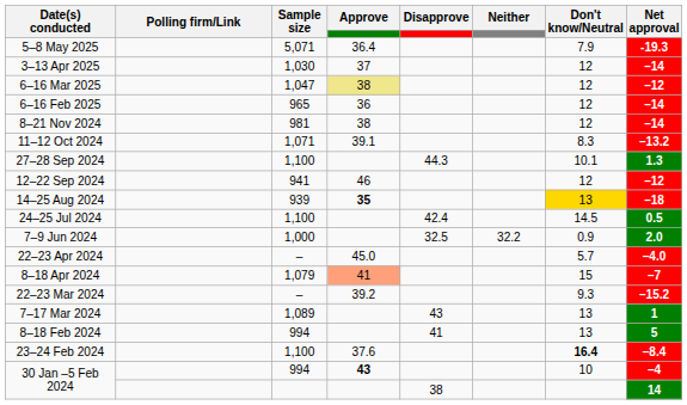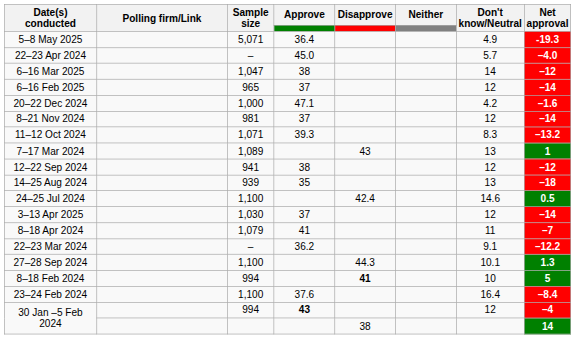 <table class="wikitable sortable collapsible" style="text-align:center; font-size:90%; line-height:16px">
 <tr>
 <th style="width:125px;" rowspan="2">Date(s)<br>conducted</th>
 <th rowspan="2" style="width:180px;">Polling firm/Link</th>
 <th style="width:60px;" rowspan="2">Sample size</th>
 <th class="unsortable" style="width:80px;">Approve</th>
 <th class="unsortable" style="width:80px;">Disapprove</th>
 <th class="unsortable" style="width:80px;">Neither</th>
 <th class="unsortable" style="width:80px;" rowspan="2">Don't know/Neutral</th>
 <th class="unsortable" style="width:20px;" rowspan="2">Net approval</th>
 </tr>
 <tr>
 <th class="unsortable" style="background:green;width:60px;"></th>
 <th class="unsortable" style="background:red;width:60px;"></th>
 <th class="unsortable" style="background:grey;width:60px;"></th>
 </tr>
 <tr>
 <td data-sort-value="2025-05-08">5–8 May 2025</td>
 <td></td>
 <td>5,071</td>
 <td>36.4</td>
 <td></td>
 <td></td>
-<td>7.9</td>
+<td>4.9</td>
 <td style="background:red;color:white;"><strong>-19.3</strong></td>
+</tr>
+<tr>
+<td data-sort-value="2024-04-23">22–23 Apr 2024</td>
+<td></td>
+<td>–</td>
+<td>45.0</td>
+<td></td>
+<td></td>
+<td>5.7</td>
+<td style="background:red;color:white;"><strong>–4.0</strong></td>
+</tr>
+<tr>
+<td data-sort-value="2025-03-16">6–16 Mar 2025</td>
+<td></td>
+<td>1,047</td>
+<td>38</td>
+<td></td>
+<td></td>
+<td>14</td>
+<td style="background:red;color:white;"><strong>–12</strong></td>
+</tr>
+<tr>
+<td data-sort-value="2025-02-16">6–16 Feb 2025</td>
+<td></td>
+<td>965</td>
+<td>37</td>
+<td></td>
+<td></td>
+<td>12</td>
+<td style="background:red;color:white;"><strong>–14</strong></td>
+</tr>
+<tr>
+<td data-sort-value="2024-12-22">20–22 Dec 2024</td>
+<td></td>
+<td>1,000</td>
+<td>47.1</td>
+<td></td>
+<td></td>
+<td>4.2</td>
+<td style="background:red;color:white;"><strong>–1.6</strong></td>
+</tr>
+<tr>
+<td data-sort-value="2024-11-21">8–21 Nov 2024</td>
+<td></td>
+<td>981</td>
+<td>37</td>
+<td></td>
+<td></td>
+<td>12</td>
+<td style="background:red;color:white;"><strong>–14</strong></td>
+</tr>
+<tr>
+<td data-sort-value="2024-10-12">11–12 Oct 2024</td>
+<td></td>
+<td>1,071</td>
+<td>39.3</td>
+<td></td>
+<td></td>
+<td>8.3</td>
+<td style="background:red;color:white;"><strong>–13.2</strong></td>
+</tr>
+<tr>
+<td data-sort-value="2024-03-17">7–17 Mar 2024</td>
+<td></td>
+<td>1,089</td>
+<td></td>
+<td>43</td>
+<td></td>
+<td>13</td>
+<td style="background:green;color:white;"><strong>1</strong></td>
+</tr>
+<tr>
+<td data-sort-value="2024-09-22">12–22 Sep 2024</td>
+<td></td>
+<td>941</td>
+<td>38</td>
+<td></td>
+<td></td>
+<td>12</td>
+<td style="background:red;color:white;"><strong>–12</strong></td>
+</tr>
+<tr>
+<td data-sort-value="2024-08-25">14–25 Aug 2024</td>
+<td></td>
+<td>939</td>
+<td>35</td>
+<td></td>
+<td></td>
+<td>13</td>
+<td style="background:red;color:white;"><strong>–18</strong></td>
+</tr>
+<tr>
+<td data-sort-value="2024-06-29">24–25 Jul 2024</td>
+<td></td>
+<td>1,100</td>
+<td></td>
+<td>42.4</td>
+<td></td>
+<td>14.6</td>
+<td style="background:green;color:white;"><strong>0.5</strong></td>
 </tr>
 <tr>
 <td data-sort-value="2025-04-13">3–13 Apr 2025</td>
 <td></td>
 <td>1,030</td>
 <td>37</td>
 <td></td>
 <td></td>
 <td>12</td>
 <td style="background:red;color:white;"><strong>–14</strong></td>
 </tr>
 <tr>
-<td data-sort-value="2025-03-16">6–16 Mar 2025</td>
+<td data-sort-value="2024-04-18">8–18 Apr 2024</td>
 <td></td>
-<td>1,047</td>
-<td style="background: khaki;">38</td>
+<td>1,079</td>
+<td>41</td>
 <td></td>
 <td></td>
-<td>12</td>
-<td style="background:red;color:white;"><strong>–12</strong></td>
+<td>11</td>
+<td style="background:red;color:white;"><strong>–7</strong></td>
 </tr>
 <tr>
-<td data-sort-value="2025-02-16">6–16 Feb 2025</td>
+<td data-sort-value="2024-03-23">22–23 Mar 2024</td>
 <td></td>
-<td>965</td>
-<td>36</td>
+<td>–</td>
+<td>36.2</td>
 <td></td>
 <td></td>
-<td>12</td>
-<td style="background:red;color:white;"><strong>–14</strong></td>
-</tr>
-<tr>
-<td data-sort-value="2024-11-21">8–21 Nov 2024</td>
-<td></td>
-<td>981</td>
-<td>38</td>
-<td></td>
-<td></td>
-<td>12</td>
-<td style="background:red;color:white;"><strong>–14</strong></td>
-</tr>
-<tr>
-<td data-sort-value="2024-10-12">11–12 Oct 2024</td>
-<td></td>
-<td>1,071</td>
-<td>39.1</td>
-<td></td>
-<td></td>
-<td>8.3</td>
-<td style="background:red;color:white;"><strong>–13.2</strong></td>
+<td>9.1</td>
+<td style="background:red;color:white;"><strong>–12.2</strong></td>
 </tr>
 <tr>
 <td data-sort-value="2024-08-27">27–28 Sep 2024</td>
 <td></td>
 <td>1,100</td>
 <td></td>
 <td>44.3</td>
 <td></td>
 <td>10.1</td>
 <td style="background:green;color:white;"><strong>1.3</strong></td>
 </tr>
 <tr>
-<td data-sort-value="2024-09-22">12–22 Sep 2024</td>
-<td></td>
-<td>941</td>
-<td>46</td>
-<td></td>
-<td></td>
-<td>12</td>
-<td style="background:red;color:white;"><strong>–12</strong></td>
-</tr>
-<tr>
-<td data-sort-value="2024-08-25">14–25 Aug 2024</td>
-<td></td>
-<td>939</td>
-<td><strong>35</strong></td>
-<td></td>
-<td></td>
-<td style="background: gold;">13</td>
-<td style="background:red;color:white;"><strong>–18</strong></td>
-</tr>
-<tr>
-<td data-sort-value="2024-06-29">24–25 Jul 2024</td>
-<td></td>
-<td>1,100</td>
-<td></td>
-<td>42.4</td>
-<td></td>
-<td>14.5</td>
-<td style="background:green;color:white;"><strong>0.5</strong></td>
-</tr>
-<tr>
-<td data-sort-value="2024-06-09">7–9 Jun 2024</td>
-<td></td>
-<td>1,000</td>
-<td></td>
-<td>32.5</td>
-<td>32.2</td>
-<td>0.9</td>
-<td style="background:green;color:white;"><strong>2.0</strong></td>
-</tr>
-<tr>
-<td data-sort-value="2024-04-23">22–23 Apr 2024</td>
-<td></td>
-<td>–</td>
-<td>45.0</td>
-<td></td>
-<td></td>
-<td>5.7</td>
-<td style="background:red;color:white;"><strong>–4.0</strong></td>
-</tr>
-<tr>
-<td data-sort-value="2024-04-18">8–18 Apr 2024</td>
-<td></td>
-<td>1,079</td>
-<td style="background: lightsalmon;">41</td>
-<td></td>
-<td></td>
-<td>15</td>
-<td style="background:red;color:white;"><strong>–7</strong></td>
-</tr>
-<tr>
-<td data-sort-value="2024-03-23">22–23 Mar 2024</td>
-<td></td>
-<td>–</td>
-<td>39.2</td>
-<td></td>
-<td></td>
-<td>9.3</td>
-<td style="background:red;color:white;"><strong>–15.2</strong></td>
-</tr>
-<tr>
-<td data-sort-value="2024-03-17">7–17 Mar 2024</td>
-<td></td>
-<td>1,089</td>
-<td></td>
-<td>43</td>
-<td></td>
-<td>13</td>
-<td style="background:green;color:white;"><strong>1</strong></td>
-</tr>
-<tr>
 <td data-sort-value="2024-02-18">8–18 Feb 2024</td>
 <td></td>
 <td>994</td>
 <td></td>
-<td>41</td>
+<td><strong>41</strong></td>
 <td></td>
-<td>13</td>
+<td>10</td>
 <td style="background:green;color:white;"><strong>5</strong></td>
 </tr>
 <tr>
 <td data-sort-value="2024-02-24">23–24 Feb 2024</td>
 <td></td>
 <td>1,100</td>
 <td>37.6</td>
 <td></td>
 <td></td>
-<td><strong>16.4</strong></td>
+<td>16.4</td>
 <td style="background:red;color:white;"><strong>–8.4</strong></td>
 </tr>
 <tr>
 <td rowspan="2" data-sort-value="2024-02-05">30 Jan –5 Feb 2024</td>
 <td></td>
 <td>994</td>
 <td><strong>43</strong></td>
 <td></td>
 <td></td>
-<td>10</td>
+<td>12</td>
 <td style="background:red;color:white;"><strong>–4</strong></td>
 </tr>
 <tr>
 <td></td>
 <td></td>
 <td></td>
 <td>38</td>
 <td></td>
 <td></td>
 <td style="background:green;color:white;"><strong>14</strong></td>
 </tr>
 </table>
